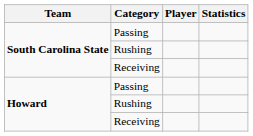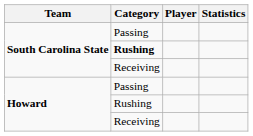 <table class="wikitable" style="float: right;">
 <tr>
 <th>Team</th>
 <th>Category</th>
 <th>Player</th>
 <th>Statistics</th>
 </tr>
 <tr>
 <td rowspan=3><strong>South Carolina State</strong></td>
 <td>Passing</td>
 <td></td>
 <td></td>
 </tr>
 <tr>
-<td>Rushing</td>
+<td><strong>Rushing</strong></td>
 <td></td>
 <td></td>
 </tr>
 <tr>
 <td>Receiving</td>
 <td></td>
 <td></td>
 </tr>
 <tr>
 <td rowspan=3><strong>Howard</strong></td>
 <td>Passing</td>
 <td></td>
 <td></td>
 </tr>
 <tr>
 <td>Rushing</td>
 <td></td>
 <td></td>
 </tr>
 <tr>
 <td>Receiving</td>
 <td></td>
 <td></td>
 </tr>
 </table>
